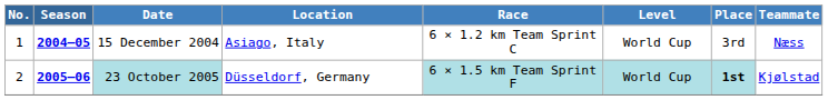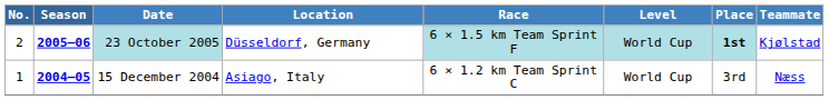 <table class="wikitable sortable" style="font-size:95%; text-align:center; border:grey solid 1px; border-collapse:collapse; background:#ffffff;">
 <tr style="background:#efefef;">
 <th style="background-color:#369; color:white;">No.</th>
 <th style="background-color:#369; color:white;">Season</th>
 <th style="background-color:#4180be; color:white; width:120px;">Date</th>
 <th style="background-color:#4180be; color:white; width:190px;">Location</th>
 <th style="background-color:#4180be; color:white; width:170px;">Race</th>
 <th style="background-color:#4180be; color:white; width:100px;">Level</th>
 <th style="background-color:#4180be; color:white;">Place</th>
 <th style="background-color:#4180be; color:white;">Teammate</th>
 </tr>
 <tr>
+<td align=center>2</td>
+<td rowspan=1 align=center><strong><a href='#'>2005–06</a></strong></td>
+<td bgcolor="#BOEOE6" align=right>23 October 2005</td>
+<td align=left> <a href='#'>Düsseldorf</a>, Germany</td>
+<td bgcolor="#BOEOE6">6 × 1.5 km Team Sprint F</td>
+<td bgcolor="#BOEOE6">World Cup</td>
+<td bgcolor="#BOEOE6"><strong>1st</strong></td>
+<td><a href='#'>Kjølstad</a></td>
+</tr>
+<tr>
 <td align=center>1</td>
 <td rowspan=1 align=center><strong><a href='#'>2004–05</a></strong></td>
 <td align=right>15 December 2004</td>
 <td align=left> <a href='#'>Asiago</a>, Italy</td>
 <td>6 × 1.2 km Team Sprint C</td>
 <td>World Cup</td>
 <td>3rd</td>
 <td><a href='#'>Næss</a></td>
 </tr>
 <tr>
-<td align=center>2</td>
-<td rowspan=1 align=center><strong><a href='#'>2005–06</a></strong></td>
-<td bgcolor="#BOEOE6" align=right>23 October 2005</td>
-<td align=left> <a href='#'>Düsseldorf</a>, Germany</td>
-<td bgcolor="#BOEOE6">6 × 1.5 km Team Sprint F</td>
-<td bgcolor="#BOEOE6">World Cup</td>
-<td bgcolor="#BOEOE6"><strong>1st</strong></td>
-<td><a href='#'>Kjølstad</a></td>
-</tr>
-<tr>
 </tr>
 </table>
